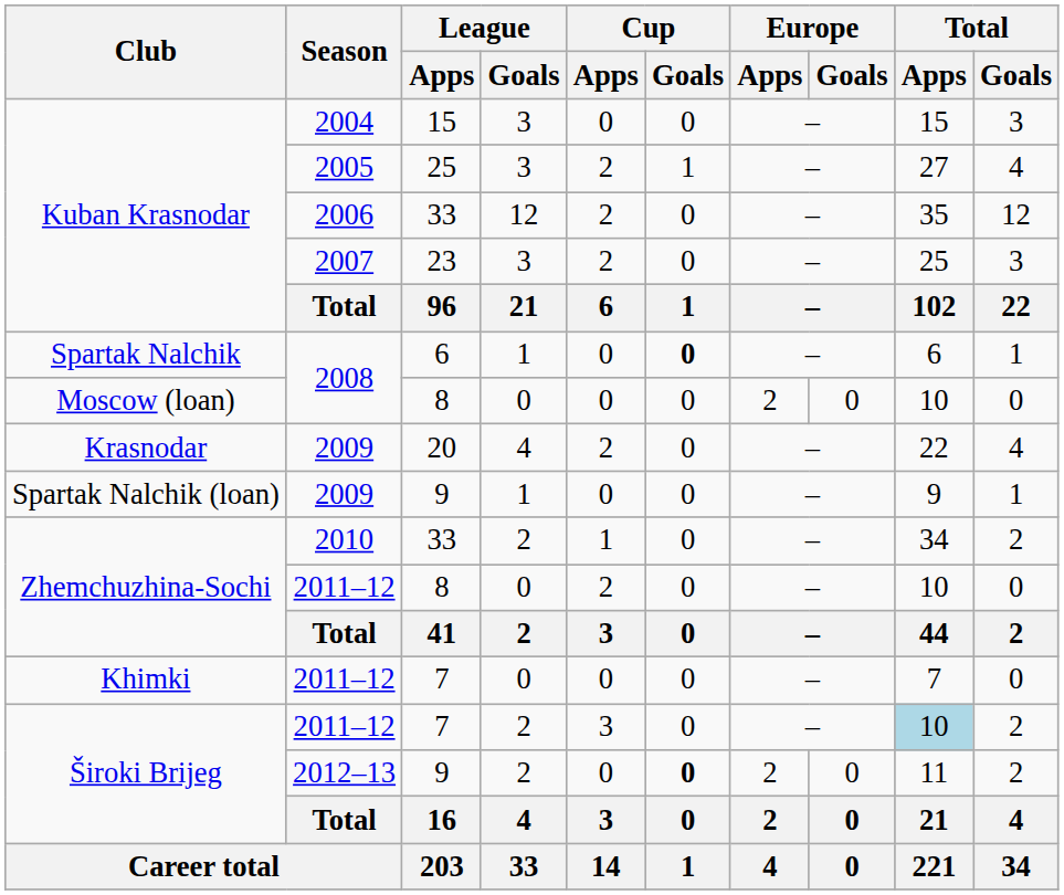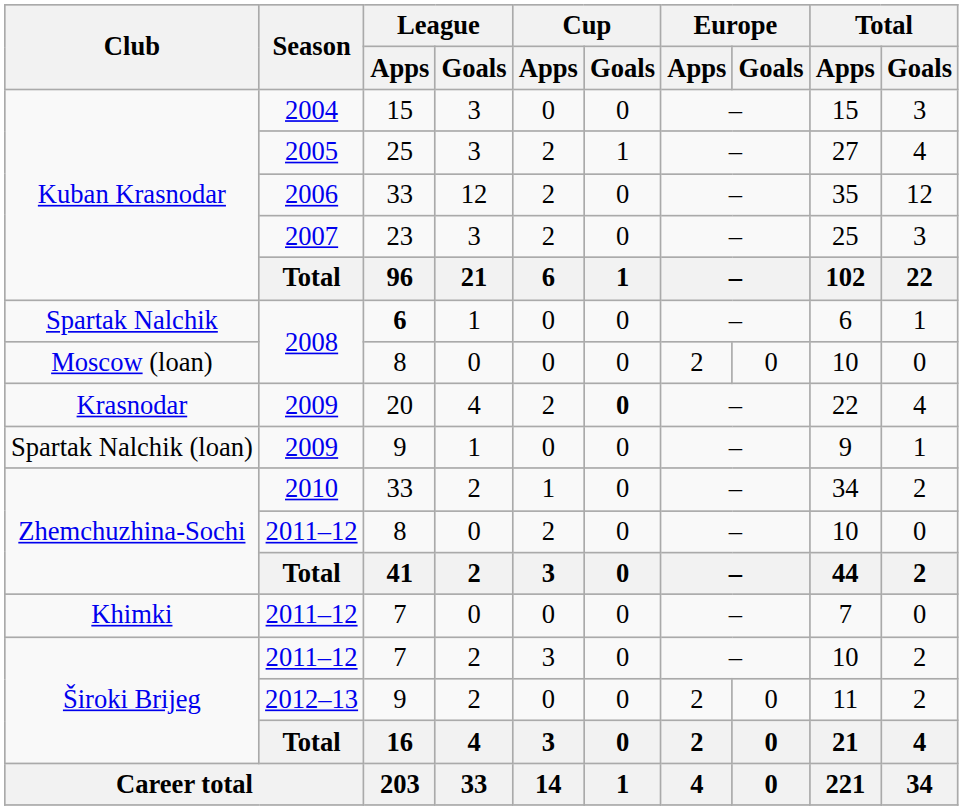 <table class="wikitable" style="text-align:center">
 <tr>
 <th rowspan="2">Club</th>
 <th rowspan="2">Season</th>
 <th colspan="2">League</th>
 <th colspan="2">Cup</th>
 <th colspan="2">Europe</th>
 <th colspan="2">Total</th>
 </tr>
 <tr>
 <th>Apps</th>
 <th>Goals</th>
 <th>Apps</th>
 <th>Goals</th>
 <th>Apps</th>
 <th>Goals</th>
 <th>Apps</th>
 <th>Goals</th>
 </tr>
 <tr>
 <td rowspan="5"><a href='#'>Kuban Krasnodar</a></td>
 <td><a href='#'>2004</a></td>
 <td>15</td>
 <td>3</td>
 <td>0</td>
 <td>0</td>
 <td colspan="2">–</td>
 <td>15</td>
 <td>3</td>
 </tr>
 <tr>
 <td><a href='#'>2005</a></td>
 <td>25</td>
 <td>3</td>
 <td>2</td>
 <td>1</td>
 <td colspan="2">–</td>
 <td>27</td>
 <td>4</td>
 </tr>
 <tr>
 <td><a href='#'>2006</a></td>
 <td>33</td>
 <td>12</td>
 <td>2</td>
 <td>0</td>
 <td colspan="2">–</td>
 <td>35</td>
 <td>12</td>
 </tr>
 <tr>
 <td><a href='#'>2007</a></td>
 <td>23</td>
 <td>3</td>
 <td>2</td>
 <td>0</td>
 <td colspan="2">–</td>
 <td>25</td>
 <td>3</td>
 </tr>
 <tr>
 <th>Total</th>
 <th>96</th>
 <th>21</th>
 <th>6</th>
 <th>1</th>
 <th colspan="2">–</th>
 <th>102</th>
 <th>22</th>
 </tr>
 <tr>
 <td><a href='#'>Spartak Nalchik</a></td>
 <td rowspan="2"><a href='#'>2008</a></td>
-<td>6</td>
+<td><strong>6</strong></td>
 <td>1</td>
 <td>0</td>
-<td><strong>0</strong></td>
+<td>0</td>
 <td colspan="2">–</td>
 <td>6</td>
 <td>1</td>
 </tr>
 <tr>
 <td><a href='#'>Moscow</a> (loan)</td>
 <td>8</td>
 <td>0</td>
 <td>0</td>
 <td>0</td>
 <td>2</td>
 <td>0</td>
 <td>10</td>
 <td>0</td>
 </tr>
 <tr>
 <td><a href='#'>Krasnodar</a></td>
 <td><a href='#'>2009</a></td>
 <td>20</td>
 <td>4</td>
 <td>2</td>
-<td>0</td>
+<td><strong>0</strong></td>
 <td colspan="2">–</td>
 <td>22</td>
 <td>4</td>
 </tr>
 <tr>
 <td>Spartak Nalchik (loan)</td>
 <td><a href='#'>2009</a></td>
 <td>9</td>
 <td>1</td>
 <td>0</td>
 <td>0</td>
 <td colspan="2">–</td>
 <td>9</td>
 <td>1</td>
 </tr>
 <tr>
 <td rowspan="3"><a href='#'>Zhemchuzhina-Sochi</a></td>
 <td><a href='#'>2010</a></td>
 <td>33</td>
 <td>2</td>
 <td>1</td>
 <td>0</td>
 <td colspan="2">–</td>
 <td>34</td>
 <td>2</td>
 </tr>
 <tr>
 <td><a href='#'>2011–12</a></td>
 <td>8</td>
 <td>0</td>
 <td>2</td>
 <td>0</td>
 <td colspan="2">–</td>
 <td>10</td>
 <td>0</td>
 </tr>
 <tr>
 <th>Total</th>
 <th>41</th>
 <th>2</th>
 <th>3</th>
 <th>0</th>
 <th colspan="2">–</th>
 <th>44</th>
 <th>2</th>
 </tr>
 <tr>
 <td><a href='#'>Khimki</a></td>
 <td><a href='#'>2011–12</a></td>
 <td>7</td>
 <td>0</td>
 <td>0</td>
 <td>0</td>
 <td colspan="2">–</td>
 <td>7</td>
 <td>0</td>
 </tr>
 <tr>
 <td rowspan="3"><a href='#'>Široki Brijeg</a></td>
 <td><a href='#'>2011–12</a></td>
 <td>7</td>
 <td>2</td>
 <td>3</td>
 <td>0</td>
 <td colspan="2">–</td>
-<td style="background: lightblue;">10</td>
+<td>10</td>
 <td>2</td>
 </tr>
 <tr>
 <td><a href='#'>2012–13</a></td>
 <td>9</td>
 <td>2</td>
 <td>0</td>
-<td><strong>0</strong></td>
+<td>0</td>
 <td>2</td>
 <td>0</td>
 <td>11</td>
 <td>2</td>
 </tr>
 <tr>
 <th>Total</th>
 <th>16</th>
 <th>4</th>
 <th>3</th>
 <th>0</th>
 <th>2</th>
 <th>0</th>
 <th>21</th>
 <th>4</th>
 </tr>
 <tr>
 <th colspan="2">Career total</th>
 <th>203</th>
 <th>33</th>
 <th>14</th>
 <th>1</th>
 <th>4</th>
 <th>0</th>
 <th>221</th>
 <th>34</th>
 </tr>
 </table>
